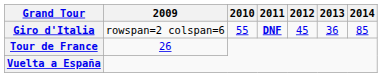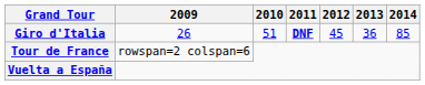 <table class="wikitable plainrowheaders">
 <tr>
 <th scope="col"><a href='#'>Grand Tour</a></th>
 <th scope="col">2009</th>
 <th scope="col">2010</th>
 <th scope="col">2011</th>
 <th scope="col">2012</th>
 <th scope="col">2013</th>
 <th scope="col">2014</th>
 </tr>
 <tr style="text-align:center;">
 <th scope="row"> <a href='#'>Giro d'Italia</a></th>
-<td>rowspan=2 colspan=6 </td>
-<td><a href='#'>55</a></td>
+<td><a href='#'>26</a></td>
+<td><a href='#'>51</a></td>
 <td><strong><a href='#'>DNF</a></strong></td>
 <td><a href='#'>45</a></td>
 <td><a href='#'>36</a></td>
 <td><a href='#'>85</a></td>
 </tr>
 <tr style="text-align:center;">
 <th scope="row"> <a href='#'>Tour de France</a></th>
-<td><a href='#'>26</a></td>
+<td>rowspan=2 colspan=6 </td>
 </tr>
 <tr style="text-align:center;">
 <th scope="row"> <a href='#'>Vuelta a España</a></th>
 </tr>
 </table>
